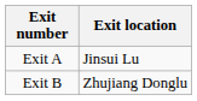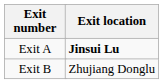 <table class="wikitable">
 <tr>
 <th style="width:70px" colspan="2">Exit number</th>
 <th>Exit location</th>
 </tr>
 <tr>
 <td align="center" colspan="2">Exit A</td>
-<td>Jinsui Lu</td>
+<td><strong>Jinsui Lu</strong></td>
 </tr>
 <tr>
 <td align="center" colspan="2">Exit B</td>
 <td>Zhujiang Donglu</td>
 </tr>
 </table>
